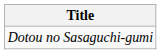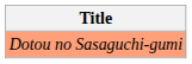 <table class="wikitable">
 <tr>
 <th>Title</th>
 </tr>
 <tr>
-<td><em>Dotou no Sasaguchi-gumi</em></td>
+<td style="background: lightsalmon;"><em>Dotou no Sasaguchi-gumi</em></td>
 </tr>
 </table>
